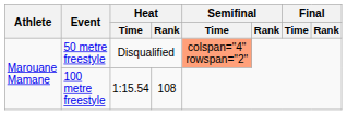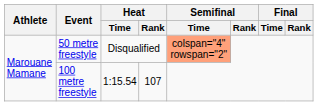 <table class="wikitable" style="text-align:center; font-size:90%; width:50%;">
 <tr>
 <th rowspan="2">Athlete</th>
 <th rowspan="2">Event</th>
 <th colspan="2">Heat</th>
 <th colspan="2">Semifinal</th>
 <th colspan="2">Final</th>
 </tr>
 <tr style="font-size:95%">
 <th>Time</th>
 <th>Rank</th>
 <th>Time</th>
 <th>Rank</th>
 <th>Time</th>
 <th>Rank</th>
 </tr>
 <tr align=center>
 <td align=left rowspan="2"><a href='#'>Marouane Mamane</a></td>
 <td align=left><a href='#'>50 metre freestyle</a></td>
 <td colspan="2">Disqualified</td>
 <td style="background: lightsalmon;">colspan="4" rowspan="2"</td>
 </tr>
 <tr align=center>
 <td align=left><a href='#'>100 metre freestyle</a></td>
 <td>1:15.54</td>
-<td>108</td>
+<td>107</td>
 </tr>
 </table>
